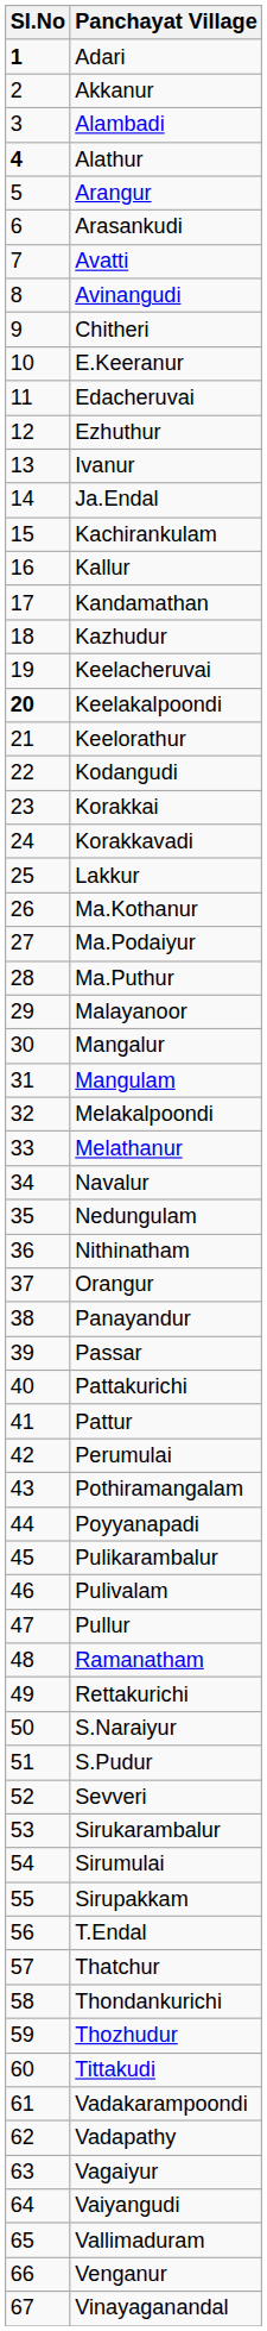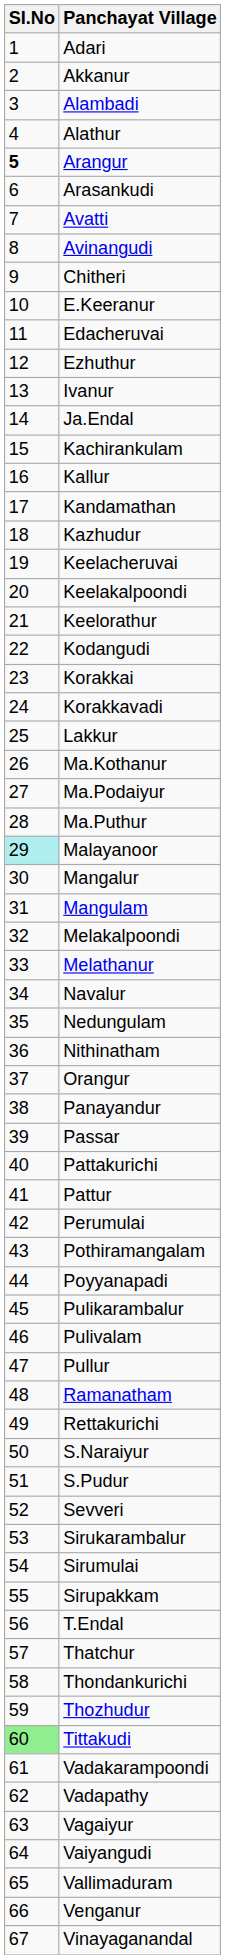 <table class="wikitable sortable">
 <tr>
 <th>SI.No</th>
 <th>Panchayat Village</th>
 </tr>
 <tr>
-<td><strong>1</strong></td>
+<td>1</td>
 <td>Adari</td>
 </tr>
 <tr>
 <td>2</td>
 <td>Akkanur</td>
 </tr>
 <tr>
 <td>3</td>
 <td><a href='#'>Alambadi</a></td>
 </tr>
 <tr>
-<td><strong>4</strong></td>
+<td>4</td>
 <td>Alathur</td>
 </tr>
 <tr>
-<td>5</td>
+<td><strong>5</strong></td>
 <td><a href='#'>Arangur</a></td>
 </tr>
 <tr>
 <td>6</td>
 <td>Arasankudi</td>
 </tr>
 <tr>
 <td>7</td>
 <td><a href='#'>Avatti</a></td>
 </tr>
 <tr>
 <td>8</td>
 <td><a href='#'>Avinangudi</a></td>
 </tr>
 <tr>
 <td>9</td>
 <td>Chitheri</td>
 </tr>
 <tr>
 <td>10</td>
 <td>E.Keeranur</td>
 </tr>
 <tr>
 <td>11</td>
 <td>Edacheruvai</td>
 </tr>
 <tr>
 <td>12</td>
 <td>Ezhuthur</td>
 </tr>
 <tr>
 <td>13</td>
 <td>Ivanur</td>
 </tr>
 <tr>
 <td>14</td>
 <td>Ja.Endal</td>
 </tr>
 <tr>
 <td>15</td>
 <td>Kachirankulam</td>
 </tr>
 <tr>
 <td>16</td>
 <td>Kallur</td>
 </tr>
 <tr>
 <td>17</td>
 <td>Kandamathan</td>
 </tr>
 <tr>
 <td>18</td>
 <td>Kazhudur</td>
 </tr>
 <tr>
 <td>19</td>
 <td>Keelacheruvai</td>
 </tr>
 <tr>
-<td><strong>20</strong></td>
+<td>20</td>
 <td>Keelakalpoondi</td>
 </tr>
 <tr>
 <td>21</td>
 <td>Keelorathur</td>
 </tr>
 <tr>
 <td>22</td>
 <td>Kodangudi</td>
 </tr>
 <tr>
 <td>23</td>
 <td>Korakkai</td>
 </tr>
 <tr>
 <td>24</td>
 <td>Korakkavadi</td>
 </tr>
 <tr>
 <td>25</td>
 <td>Lakkur</td>
 </tr>
 <tr>
 <td>26</td>
 <td>Ma.Kothanur</td>
 </tr>
 <tr>
 <td>27</td>
 <td>Ma.Podaiyur</td>
 </tr>
 <tr>
 <td>28</td>
 <td>Ma.Puthur</td>
 </tr>
 <tr>
-<td>29</td>
+<td style="background: paleturquoise;">29</td>
 <td>Malayanoor</td>
 </tr>
 <tr>
 <td>30</td>
 <td>Mangalur</td>
 </tr>
 <tr>
 <td>31</td>
 <td><a href='#'>Mangulam</a></td>
 </tr>
 <tr>
 <td>32</td>
 <td>Melakalpoondi</td>
 </tr>
 <tr>
 <td>33</td>
 <td><a href='#'>Melathanur</a></td>
 </tr>
 <tr>
 <td>34</td>
 <td>Navalur</td>
 </tr>
 <tr>
 <td>35</td>
 <td>Nedungulam</td>
 </tr>
 <tr>
 <td>36</td>
 <td>Nithinatham</td>
 </tr>
 <tr>
 <td>37</td>
 <td>Orangur</td>
 </tr>
 <tr>
 <td>38</td>
 <td>Panayandur</td>
 </tr>
 <tr>
 <td>39</td>
 <td>Passar</td>
 </tr>
 <tr>
 <td>40</td>
 <td>Pattakurichi</td>
 </tr>
 <tr>
 <td>41</td>
 <td>Pattur</td>
 </tr>
 <tr>
 <td>42</td>
 <td>Perumulai</td>
 </tr>
 <tr>
 <td>43</td>
 <td>Pothiramangalam</td>
 </tr>
 <tr>
 <td>44</td>
 <td>Poyyanapadi</td>
 </tr>
 <tr>
 <td>45</td>
 <td>Pulikarambalur</td>
 </tr>
 <tr>
 <td>46</td>
 <td>Pulivalam</td>
 </tr>
 <tr>
 <td>47</td>
 <td>Pullur</td>
 </tr>
 <tr>
 <td>48</td>
 <td><a href='#'>Ramanatham</a></td>
 </tr>
 <tr>
 <td>49</td>
 <td>Rettakurichi</td>
 </tr>
 <tr>
 <td>50</td>
 <td>S.Naraiyur</td>
 </tr>
 <tr>
 <td>51</td>
 <td>S.Pudur</td>
 </tr>
 <tr>
 <td>52</td>
 <td>Sevveri</td>
 </tr>
 <tr>
 <td>53</td>
 <td>Sirukarambalur</td>
 </tr>
 <tr>
 <td>54</td>
 <td>Sirumulai</td>
 </tr>
 <tr>
 <td>55</td>
 <td>Sirupakkam</td>
 </tr>
 <tr>
 <td>56</td>
 <td>T.Endal</td>
 </tr>
 <tr>
 <td>57</td>
 <td>Thatchur</td>
 </tr>
 <tr>
 <td>58</td>
 <td>Thondankurichi</td>
 </tr>
 <tr>
 <td>59</td>
 <td><a href='#'>Thozhudur</a></td>
 </tr>
 <tr>
-<td>60</td>
+<td style="background: lightgreen;">60</td>
 <td><a href='#'>Tittakudi</a></td>
 </tr>
 <tr>
 <td>61</td>
 <td>Vadakarampoondi</td>
 </tr>
 <tr>
 <td>62</td>
 <td>Vadapathy</td>
 </tr>
 <tr>
 <td>63</td>
 <td>Vagaiyur</td>
 </tr>
 <tr>
 <td>64</td>
 <td>Vaiyangudi</td>
 </tr>
 <tr>
 <td>65</td>
 <td>Vallimaduram</td>
 </tr>
 <tr>
 <td>66</td>
 <td>Venganur</td>
 </tr>
 <tr>
 <td>67</td>
 <td>Vinayaganandal</td>
 </tr>
 </table>
